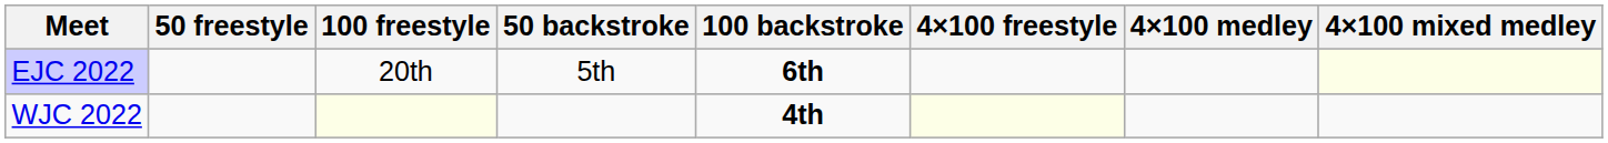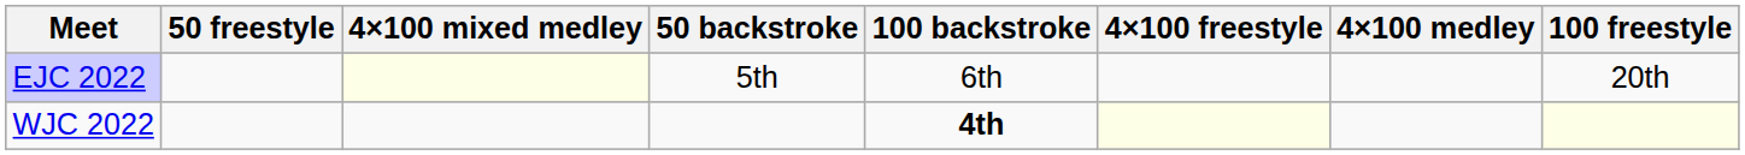 <table class="sortable wikitable">
 <tr>
 <th>Meet</th>
 <th class="unsortable">50 freestyle</th>
-<th class="unsortable">100 freestyle</th>
+<th class="unsortable">4×100 mixed medley</th>
 <th class="unsortable">50 backstroke</th>
 <th class="unsortable">100 backstroke</th>
 <th class="unsortable">4×100 freestyle</th>
 <th class="unsortable">4×100 medley</th>
-<th class="unsortable">4×100 mixed medley</th>
+<th class="unsortable">100 freestyle</th>
 </tr>
 <tr>
 <td style="background:#ccccff"><a href='#'>EJC 2022</a></td>
 <td align="center"></td>
-<td align="center">20th</td>
+<td style="background:#fdffe7"></td>
 <td align="center">5th</td>
-<td align="center"><strong>6th</strong></td>
+<td align="center">6th</td>
 <td align="center"></td>
 <td align="center"></td>
-<td style="background:#fdffe7"></td>
+<td align="center">20th</td>
 </tr>
 <tr>
 <td><a href='#'>WJC 2022</a></td>
 <td align="center"></td>
-<td style="background:#fdffe7"></td>
+<td align="center"></td>
 <td align="center"></td>
 <td align="center"><strong>4th</strong></td>
 <td style="background:#fdffe7"></td>
 <td align="center"></td>
-<td align="center"></td>
+<td style="background:#fdffe7"></td>
 </tr>
 </table>
